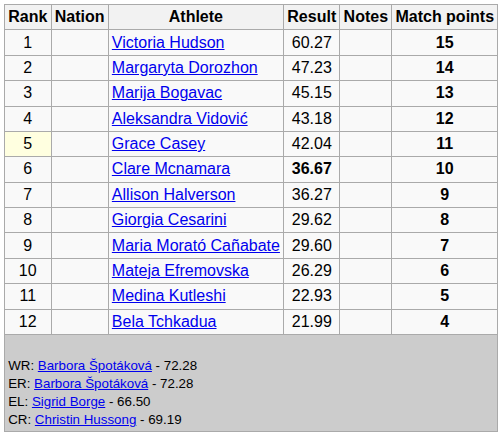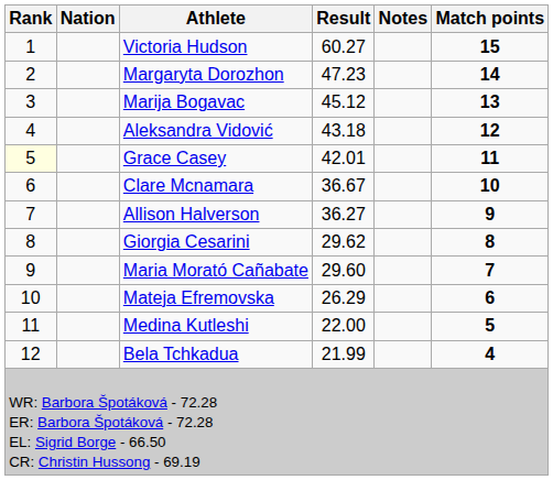 <table class="wikitable sortable" style="text-align:left;">
 <tr>
 <th>Rank</th>
 <th>Nation</th>
 <th>Athlete</th>
 <th>Result</th>
 <th>Notes</th>
 <th>Match points</th>
 </tr>
 <tr>
 <td align=center>1</td>
 <td></td>
 <td><a href='#'>Victoria Hudson</a></td>
 <td align=center>60.27</td>
 <td></td>
 <td align="center"><strong>15</strong></td>
 </tr>
 <tr>
 <td align=center>2</td>
 <td></td>
 <td><a href='#'>Margaryta Dorozhon</a></td>
 <td align=center>47.23</td>
 <td></td>
 <td align=center><strong>14</strong></td>
 </tr>
 <tr>
 <td align=center>3</td>
 <td></td>
 <td><a href='#'>Marija Bogavac</a></td>
-<td align=center>45.15</td>
+<td align=center>45.12</td>
 <td></td>
 <td align=center><strong>13</strong></td>
 </tr>
 <tr>
 <td align=center>4</td>
 <td></td>
 <td><a href='#'>Aleksandra Vidović</a></td>
 <td align=center>43.18</td>
 <td align=center></td>
 <td align=center><strong>12</strong></td>
 </tr>
 <tr>
 <td align=center style="background: lightyellow;">5</td>
 <td></td>
 <td><a href='#'>Grace Casey</a></td>
-<td align=center>42.04</td>
+<td align=center>42.01</td>
 <td></td>
 <td align=center><strong>11</strong></td>
 </tr>
 <tr>
 <td align=center>6</td>
 <td></td>
 <td><a href='#'>Clare Mcnamara</a></td>
-<td align=center><strong>36.67</strong></td>
+<td align=center>36.67</td>
 <td align=center></td>
 <td align=center><strong>10</strong></td>
 </tr>
 <tr>
 <td align=center>7</td>
 <td></td>
 <td><a href='#'>Allison Halverson</a></td>
 <td align=center>36.27</td>
 <td align=center></td>
 <td align=center><strong>9</strong></td>
 </tr>
 <tr>
 <td align=center>8</td>
 <td></td>
 <td><a href='#'>Giorgia Cesarini</a></td>
 <td align=center>29.62</td>
 <td align=center></td>
 <td align=center><strong>8</strong></td>
 </tr>
 <tr>
 <td align=center>9</td>
 <td></td>
 <td><a href='#'>Maria Morató Cañabate</a></td>
 <td align=center>29.60</td>
 <td align=center></td>
 <td align=center><strong>7</strong></td>
 </tr>
 <tr>
 <td align=center>10</td>
 <td></td>
 <td><a href='#'>Mateja Efremovska</a></td>
 <td align=center>26.29</td>
 <td align=center></td>
 <td align=center><strong>6</strong></td>
 </tr>
 <tr>
 <td align=center>11</td>
 <td></td>
 <td><a href='#'>Medina Kutleshi</a></td>
-<td align=center>22.93</td>
+<td align=center>22.00</td>
 <td align=center></td>
 <td align=center><strong>5</strong></td>
 </tr>
 <tr>
 <td align=center>12</td>
 <td></td>
 <td><a href='#'>Bela Tchkadua</a></td>
 <td align=center>21.99</td>
 <td align=center></td>
 <td align=center><strong>4</strong></td>
 </tr>
 <tr>
 <td colspan=7 bgcolor="#cccccc"><br> <small>WR:  <a href='#'>Barbora Špotáková</a> - 72.28<br>ER:  <a href='#'>Barbora Špotáková</a> - 72.28<br></small> <small>EL:  <a href='#'>Sigrid Borge</a> - 66.50<br>CR:  <a href='#'>Christin Hussong</a> - 69.19</small></td>
 </tr>
 </table>
